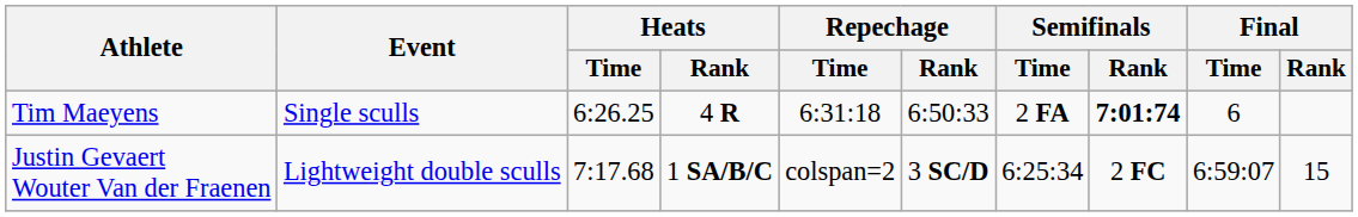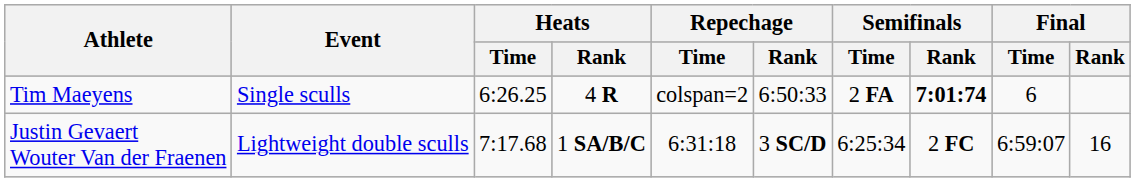 <table class="wikitable" style="font-size:90%;">
 <tr>
 <th rowspan="2">Athlete</th>
 <th rowspan="2">Event</th>
 <th colspan="2">Heats</th>
 <th colspan="2">Repechage</th>
 <th colspan="2">Semifinals</th>
 <th colspan="2">Final</th>
 </tr>
 <tr style="font-size:95%">
 <th>Time</th>
 <th>Rank</th>
 <th>Time</th>
 <th>Rank</th>
 <th>Time</th>
 <th>Rank</th>
 <th>Time</th>
 <th>Rank</th>
 </tr>
 <tr align=center>
 <td align=left><a href='#'>Tim Maeyens</a></td>
 <td align=left><a href='#'>Single sculls</a></td>
 <td>6:26.25</td>
 <td>4 <strong>R</strong></td>
-<td>6:31:18</td>
+<td>colspan=2 </td>
 <td>6:50:33</td>
 <td>2 <strong>FA</strong></td>
 <td><strong>7:01:74</strong></td>
 <td>6</td>
 </tr>
 <tr align=center>
 <td align=left><a href='#'>Justin Gevaert</a><br><a href='#'>Wouter Van der Fraenen</a></td>
 <td align=left><a href='#'>Lightweight double sculls</a></td>
 <td>7:17.68</td>
 <td>1 <strong>SA/B/C</strong></td>
-<td>colspan=2 </td>
+<td>6:31:18</td>
 <td>3 <strong>SC/D</strong></td>
 <td>6:25:34</td>
 <td>2 <strong>FC</strong></td>
 <td>6:59:07</td>
-<td>15</td>
+<td>16</td>
 </tr>
 </table>
